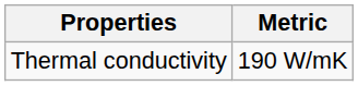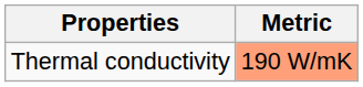 <table class="wikitable">
 <tr>
 <th>Properties</th>
 <th>Metric</th>
 </tr>
 <tr>
 <td>Thermal conductivity</td>
-<td>190 W/mK</td>
+<td style="background: lightsalmon;">190 W/mK</td>
 </tr>
 </table>
